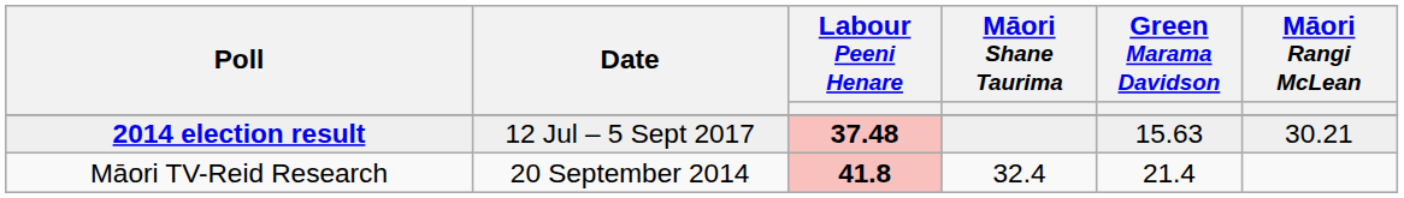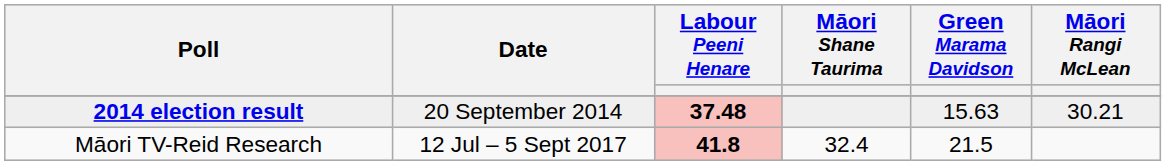 <table class="wikitable" style="font-size:90%; line-height:14px; text-align:center">
 <tr>
 <th style="width:240px;" rowspan="2">Poll</th>
 <th style="width:160px;" rowspan="2">Date </th>
 <th style="width:75px;"  bgcolor=><a href='#'>Labour</a><br><small><em><a href='#'>Peeni Henare</a></em></small></th>
 <th style="width:75px;"  bgcolor=><a href='#'>Māori</a><br><small><em>Shane Taurima</em></small></th>
 <th style="width:70px;" r bgcolor=><a href='#'>Green</a><br><small><em><a href='#'>Marama Davidson</a></em></small></th>
 <th style="width:75px;"  bgcolor=><a href='#'>Māori</a><br><small><em>Rangi McLean</em></small></th>
 </tr>
 <tr>
 <th class="unsortable" style="color:inherit;background:"></th>
 <th class="unsortable" style="color:inherit;background:"></th>
 <th class="unsortable" style="color:inherit;background:"></th>
 <th class="unsortable" style="color:inherit;background:"></th>
 </tr>
 <tr>
 </tr>
 <tr style="background:#EFEFEF; font-weight:italic;">
 <td><strong><a href='#'>2014 election result</a></strong></td>
-<td>12 Jul – 5 Sept 2017</td>
+<td>20 September 2014</td>
 <td style="background:#F8C1BE"><strong>37.48</strong></td>
 <td></td>
 <td>15.63</td>
 <td>30.21</td>
 </tr>
 <tr>
 <td>Māori TV-Reid Research</td>
-<td>20 September 2014</td>
+<td>12 Jul – 5 Sept 2017</td>
 <td style="background:#F8C1BE"><strong>41.8</strong></td>
 <td>32.4</td>
-<td>21.4</td>
+<td>21.5</td>
 <td></td>
 </tr>
 </table>
